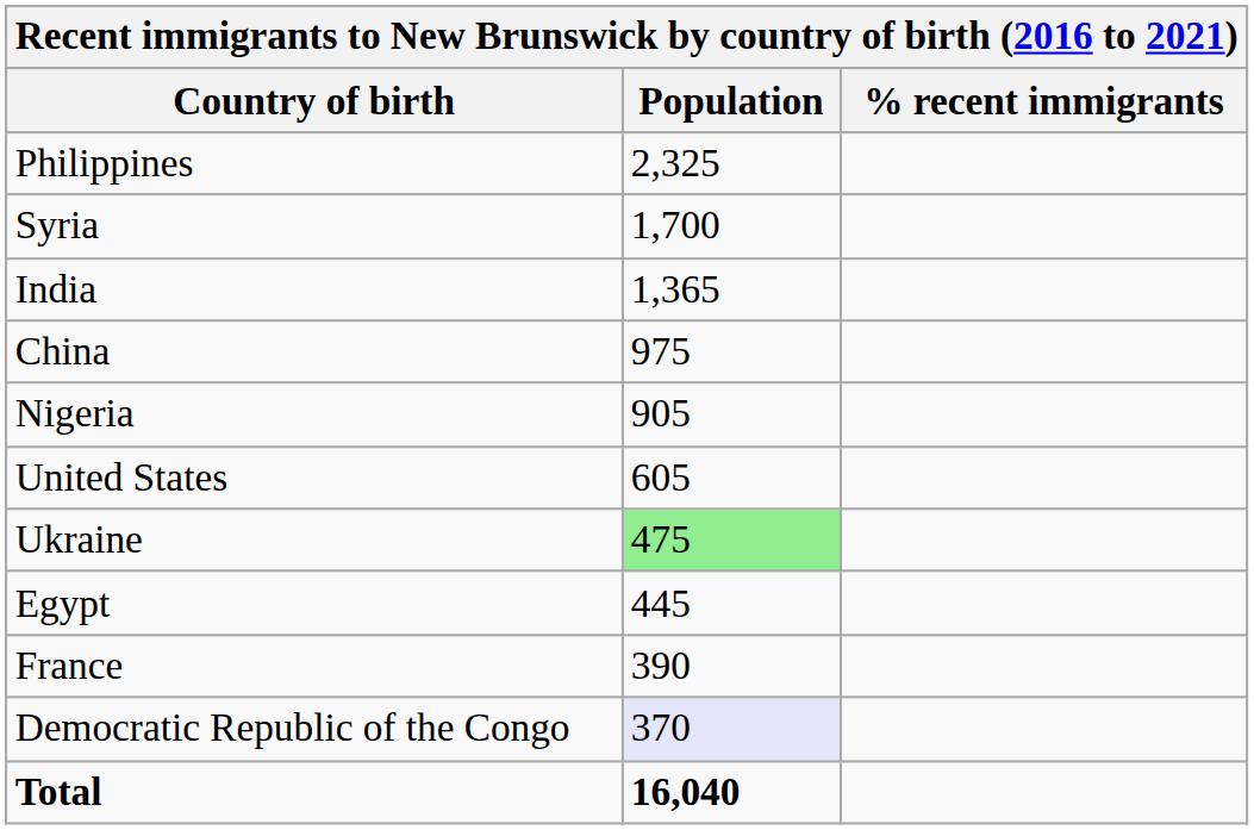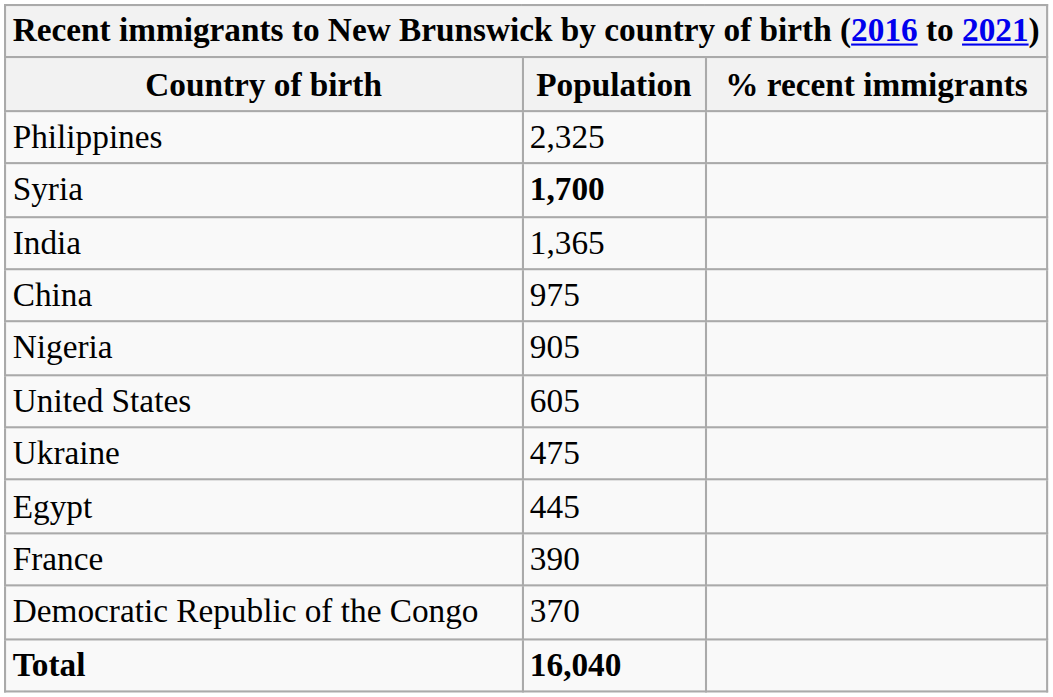 <table class="wikitable">
 <tr>
 <th colspan="4">Recent immigrants to New Brunswick by country of birth (<a href='#'>2016</a> to <a href='#'>2021</a>)</th>
 </tr>
 <tr>
 <th>Country of birth</th>
 <th>Population</th>
 <th>% recent immigrants</th>
 </tr>
 <tr>
 <td>Philippines</td>
 <td>2,325</td>
 <td></td>
 </tr>
 <tr>
 <td>Syria</td>
-<td>1,700</td>
+<td><strong>1,700</strong></td>
 <td></td>
 </tr>
 <tr>
 <td>India</td>
 <td>1,365</td>
 <td></td>
 </tr>
 <tr>
 <td>China</td>
 <td>975</td>
 <td></td>
 </tr>
 <tr>
 <td>Nigeria</td>
 <td>905</td>
 <td></td>
 </tr>
 <tr>
 <td>United States</td>
 <td>605</td>
 <td></td>
 </tr>
 <tr>
 <td>Ukraine</td>
-<td style="background: lightgreen;">475</td>
+<td>475</td>
 <td></td>
 </tr>
 <tr>
 <td>Egypt</td>
 <td>445</td>
 <td></td>
 </tr>
 <tr>
 <td>France</td>
 <td>390</td>
 <td></td>
 </tr>
 <tr>
 <td>Democratic Republic of the Congo</td>
-<td style="background: lavender;">370</td>
+<td>370</td>
 <td></td>
 </tr>
 <tr>
 <td><strong>Total</strong></td>
 <td><strong>16,040</strong></td>
 <td><strong></strong></td>
 </tr>
 </table>
